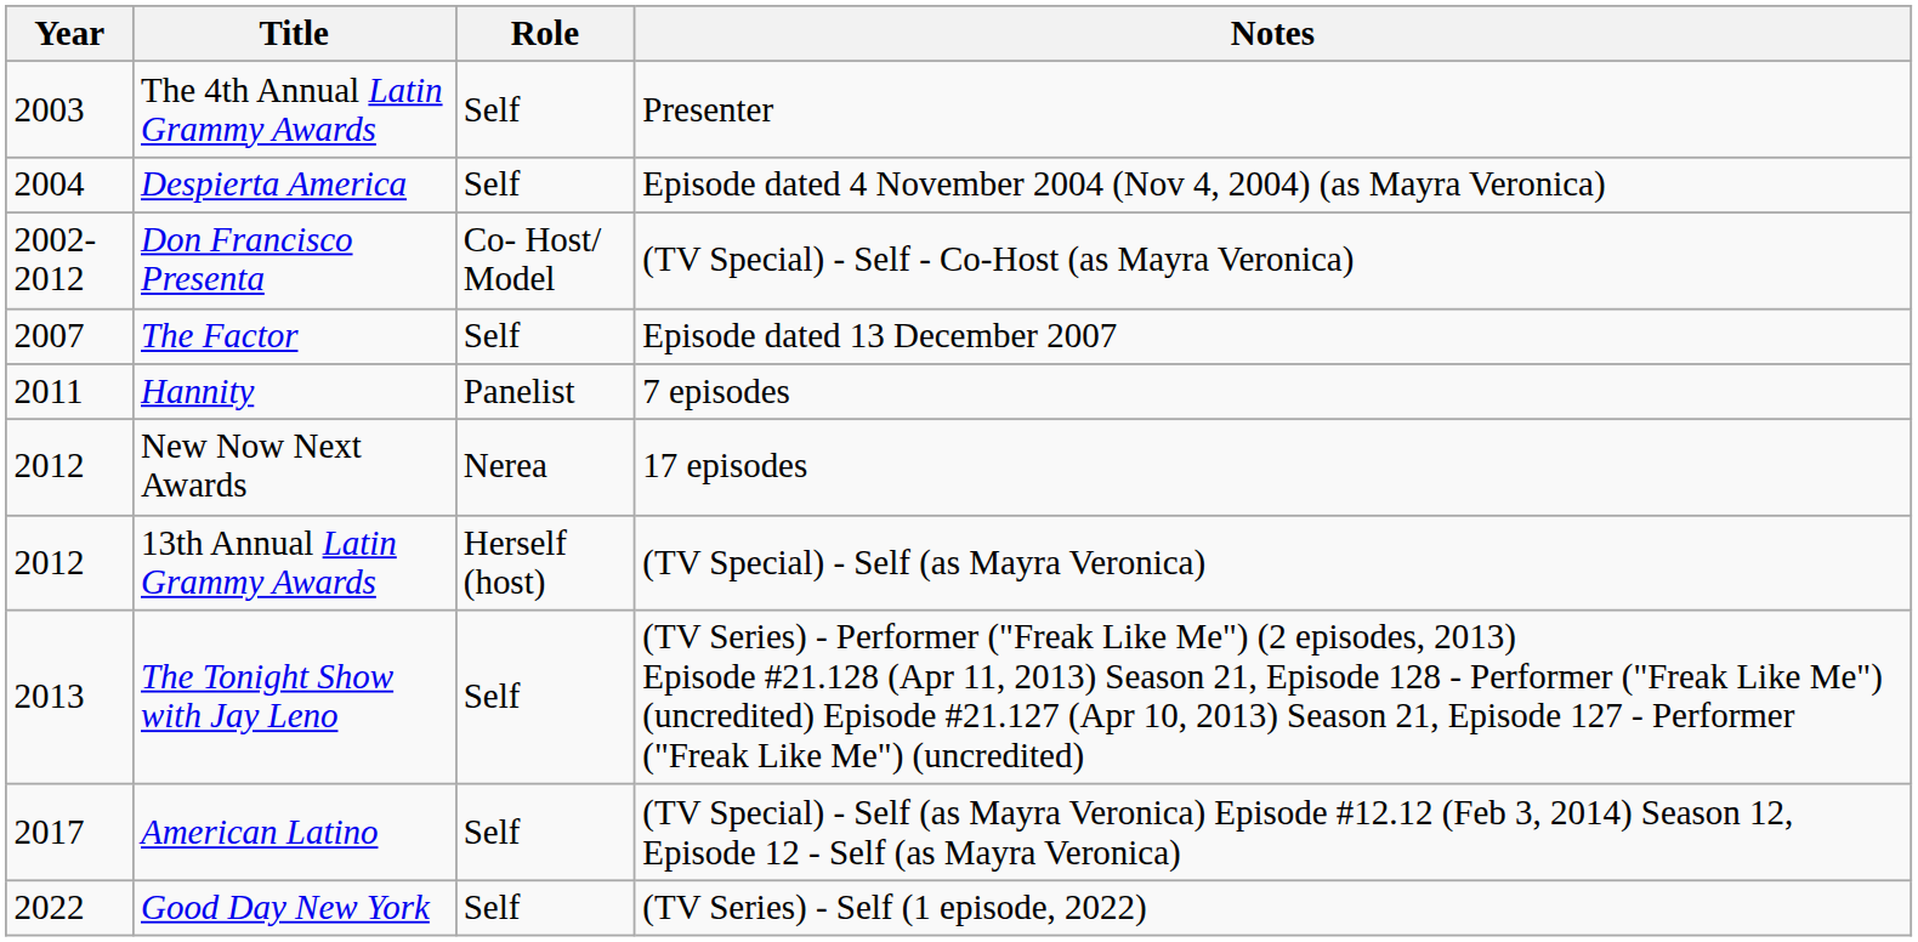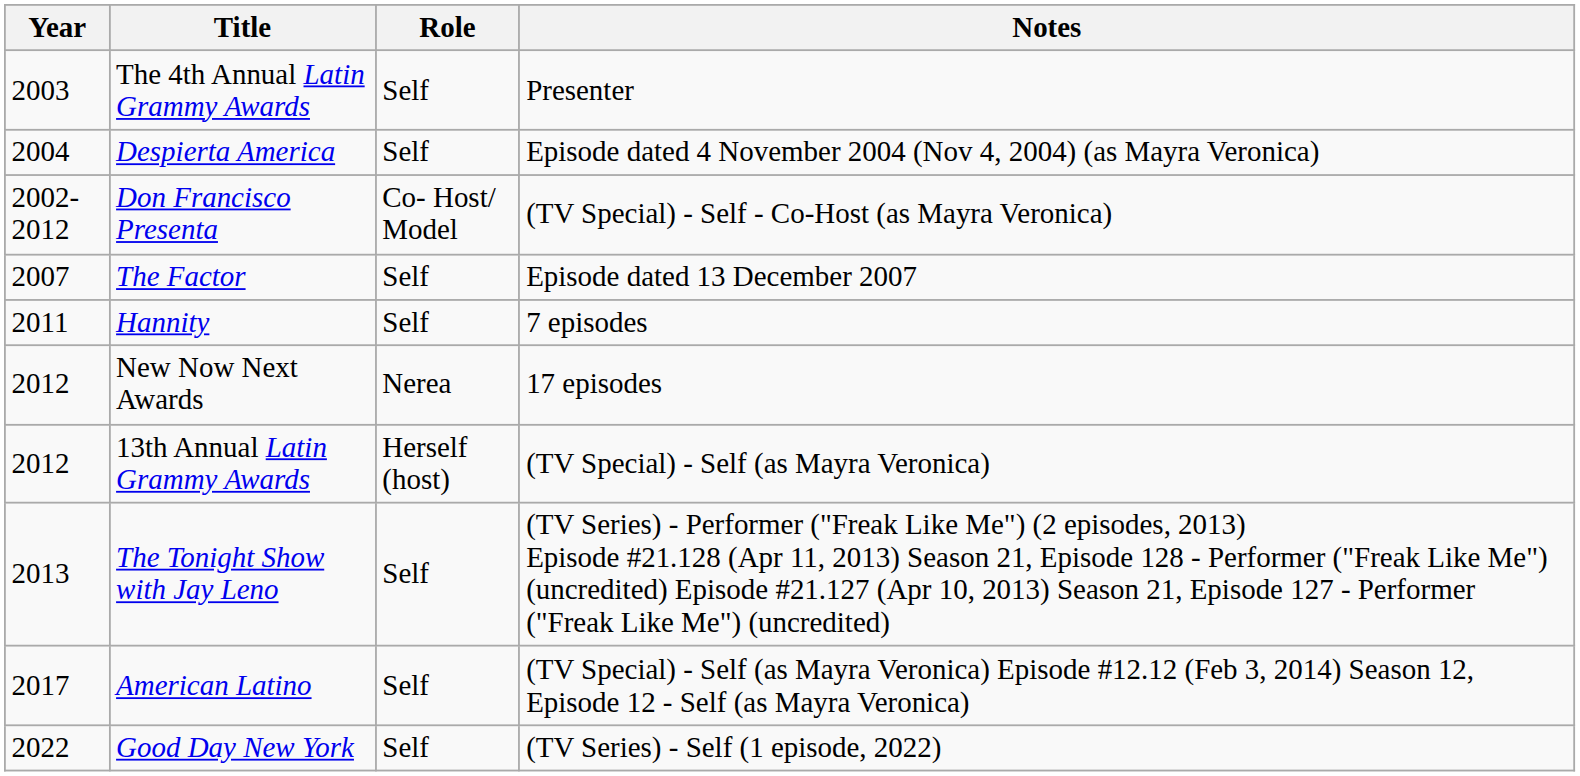 <table class="wikitable sortable">
 <tr>
 <th>Year</th>
 <th>Title</th>
 <th>Role</th>
 <th class="unsortable">Notes</th>
 </tr>
 <tr>
 <td>2003</td>
 <td>The 4th Annual <em><a href='#'>Latin Grammy Awards</a></em></td>
 <td>Self</td>
 <td>Presenter</td>
 </tr>
 <tr>
 <td>2004</td>
 <td><em><a href='#'>Despierta America</a></em></td>
 <td>Self</td>
 <td>Episode dated 4 November 2004 (Nov 4, 2004) (as Mayra Veronica)</td>
 </tr>
 <tr>
 <td>2002-2012</td>
 <td><em><a href='#'>Don Francisco Presenta</a></em></td>
 <td>Co- Host/ Model</td>
 <td>(TV Special) - Self - Co-Host (as Mayra Veronica)</td>
 </tr>
 <tr>
 <td>2007</td>
 <td><em><a href='#'>The Factor</a></em></td>
 <td>Self</td>
 <td>Episode dated 13 December 2007</td>
 </tr>
 <tr>
 <td>2011</td>
 <td><em><a href='#'>Hannity</a></em></td>
-<td>Panelist</td>
+<td>Self</td>
 <td>7 episodes</td>
 </tr>
 <tr>
 <td>2012</td>
 <td>New Now Next Awards</td>
 <td>Nerea</td>
 <td>17 episodes</td>
 </tr>
 <tr>
 <td>2012</td>
 <td>13th Annual <em><a href='#'>Latin Grammy Awards</a></em></td>
 <td>Herself (host)</td>
 <td>(TV Special) - Self (as Mayra Veronica)</td>
 </tr>
 <tr>
 <td>2013</td>
 <td><em><a href='#'>The Tonight Show with Jay Leno</a></em></td>
 <td>Self</td>
 <td>(TV Series) - Performer ("Freak Like Me") (2 episodes, 2013)<br>Episode #21.128 (Apr 11, 2013) Season 21, Episode 128 - Performer ("Freak Like Me") (uncredited) Episode #21.127 (Apr 10, 2013) Season 21, Episode 127 - Performer ("Freak Like Me") (uncredited)</td>
 </tr>
 <tr>
 <td>2017</td>
 <td><em><a href='#'>American Latino</a></em></td>
 <td>Self</td>
 <td>(TV Special) - Self (as Mayra Veronica) Episode #12.12 (Feb 3, 2014) Season 12, Episode 12 - Self (as Mayra Veronica)</td>
 </tr>
 <tr>
 <td>2022</td>
 <td><em><a href='#'>Good Day New York</a></em></td>
 <td>Self</td>
 <td>(TV Series) - Self (1 episode, 2022)</td>
 </tr>
 </table>
